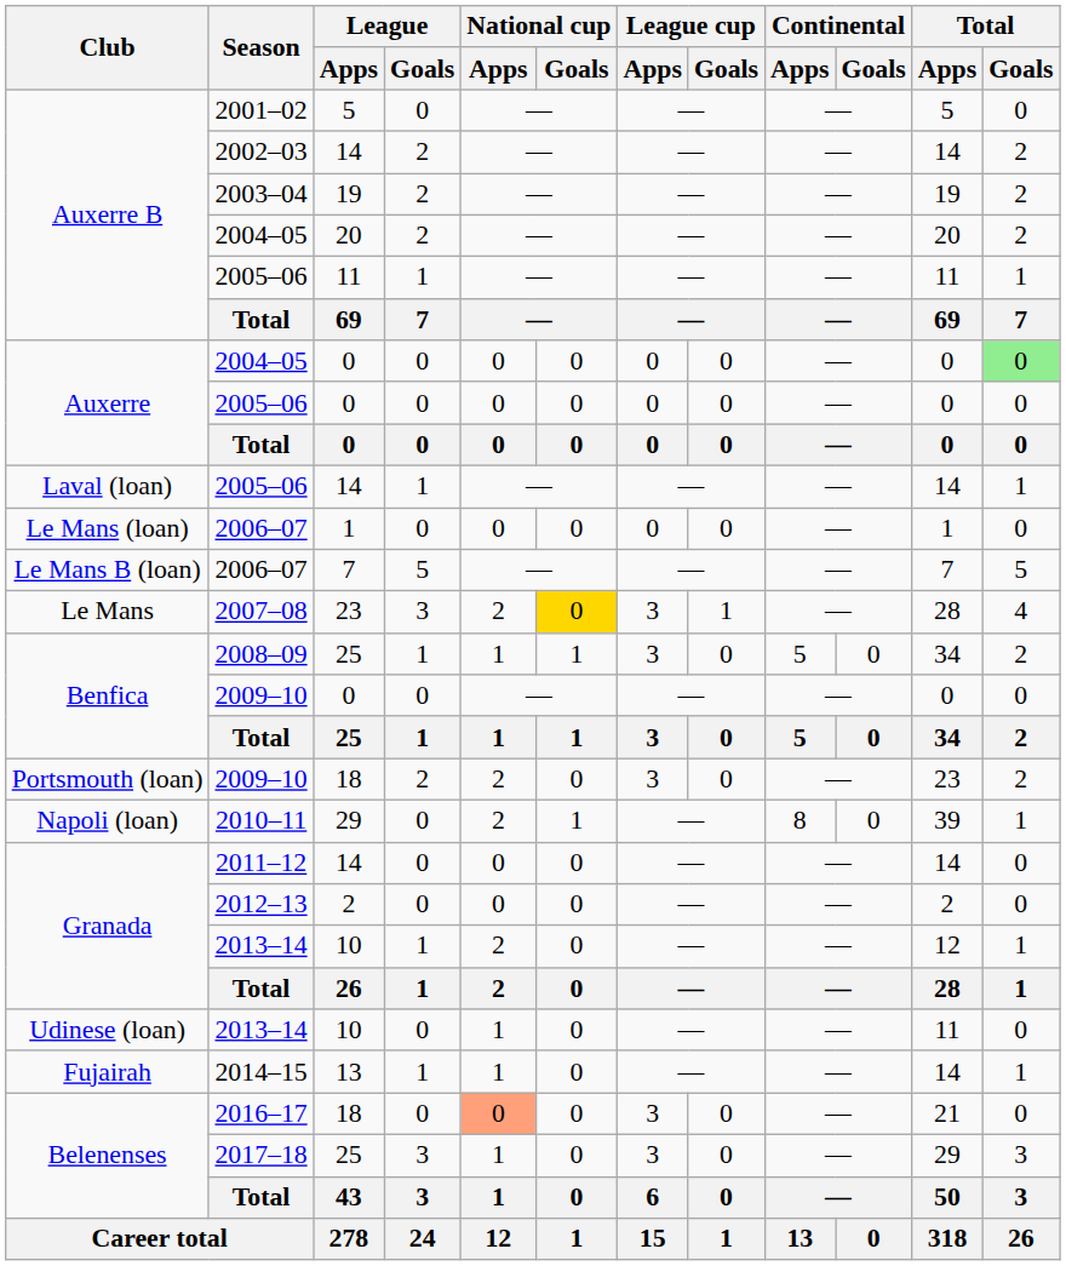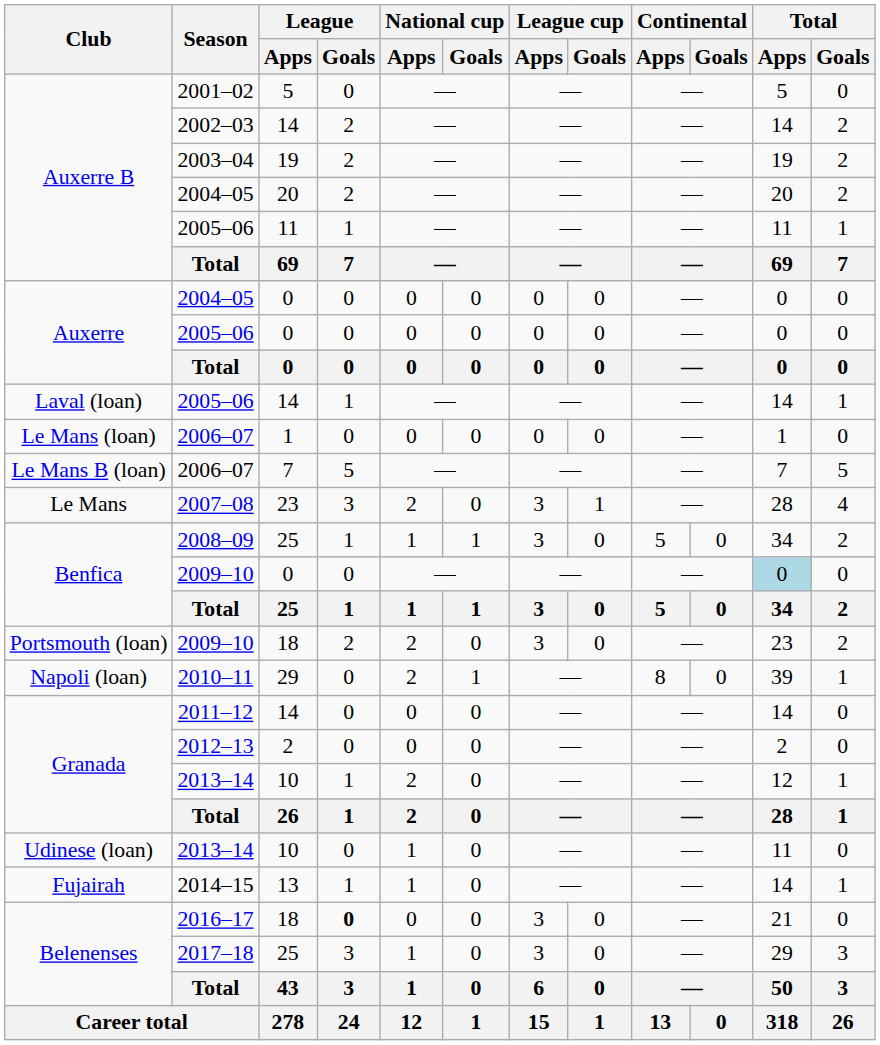 <table class="wikitable" style="text-align:center">
 <tr>
 <th rowspan="2">Club</th>
 <th rowspan="2">Season</th>
 <th colspan="2">League</th>
 <th colspan="2">National cup</th>
 <th colspan="2">League cup</th>
 <th colspan="2">Continental</th>
 <th colspan="2">Total</th>
 </tr>
 <tr>
 <th>Apps</th>
 <th>Goals</th>
 <th>Apps</th>
 <th>Goals</th>
 <th>Apps</th>
 <th>Goals</th>
 <th>Apps</th>
 <th>Goals</th>
 <th>Apps</th>
 <th>Goals</th>
 </tr>
 <tr>
 <td rowspan="6"><a href='#'>Auxerre B</a></td>
 <td>2001–02</td>
 <td>5</td>
 <td>0</td>
 <td colspan="2">—</td>
 <td colspan="2">—</td>
 <td colspan="2">—</td>
 <td>5</td>
 <td>0</td>
 </tr>
 <tr>
 <td>2002–03</td>
 <td>14</td>
 <td>2</td>
 <td colspan="2">—</td>
 <td colspan="2">—</td>
 <td colspan="2">—</td>
 <td>14</td>
 <td>2</td>
 </tr>
 <tr>
 <td>2003–04</td>
 <td>19</td>
 <td>2</td>
 <td colspan="2">—</td>
 <td colspan="2">—</td>
 <td colspan="2">—</td>
 <td>19</td>
 <td>2</td>
 </tr>
 <tr>
 <td>2004–05</td>
 <td>20</td>
 <td>2</td>
 <td colspan="2">—</td>
 <td colspan="2">—</td>
 <td colspan="2">—</td>
 <td>20</td>
 <td>2</td>
 </tr>
 <tr>
 <td>2005–06</td>
 <td>11</td>
 <td>1</td>
 <td colspan="2">—</td>
 <td colspan="2">—</td>
 <td colspan="2">—</td>
 <td>11</td>
 <td>1</td>
 </tr>
 <tr>
 <th>Total</th>
 <th>69</th>
 <th>7</th>
 <th colspan="2">—</th>
 <th colspan="2">—</th>
 <th colspan="2">—</th>
 <th>69</th>
 <th>7</th>
 </tr>
 <tr>
 <td rowspan="3"><a href='#'>Auxerre</a></td>
 <td><a href='#'>2004–05</a></td>
 <td>0</td>
 <td>0</td>
 <td>0</td>
 <td>0</td>
 <td>0</td>
 <td>0</td>
 <td colspan="2">—</td>
 <td>0</td>
-<td style="background: lightgreen;">0</td>
+<td>0</td>
 </tr>
 <tr>
 <td><a href='#'>2005–06</a></td>
 <td>0</td>
 <td>0</td>
 <td>0</td>
 <td>0</td>
 <td>0</td>
 <td>0</td>
 <td colspan="2">—</td>
 <td>0</td>
 <td>0</td>
 </tr>
 <tr>
 <th>Total</th>
 <th>0</th>
 <th>0</th>
 <th>0</th>
 <th>0</th>
 <th>0</th>
 <th>0</th>
 <th colspan="2">—</th>
 <th>0</th>
 <th>0</th>
 </tr>
 <tr>
 <td><a href='#'>Laval</a> (loan)</td>
 <td><a href='#'>2005–06</a></td>
 <td>14</td>
 <td>1</td>
 <td colspan="2">—</td>
 <td colspan="2">—</td>
 <td colspan="2">—</td>
 <td>14</td>
 <td>1</td>
 </tr>
 <tr>
 <td><a href='#'>Le Mans</a> (loan)</td>
 <td><a href='#'>2006–07</a></td>
 <td>1</td>
 <td>0</td>
 <td>0</td>
 <td>0</td>
 <td>0</td>
 <td>0</td>
 <td colspan="2">—</td>
 <td>1</td>
 <td>0</td>
 </tr>
 <tr>
 <td><a href='#'>Le Mans B</a> (loan)</td>
 <td>2006–07</td>
 <td>7</td>
 <td>5</td>
 <td colspan="2">—</td>
 <td colspan="2">—</td>
 <td colspan="2">—</td>
 <td>7</td>
 <td>5</td>
 </tr>
 <tr>
 <td>Le Mans</td>
 <td><a href='#'>2007–08</a></td>
 <td>23</td>
 <td>3</td>
 <td>2</td>
-<td style="background: gold;">0</td>
+<td>0</td>
 <td>3</td>
 <td>1</td>
 <td colspan="2">—</td>
 <td>28</td>
 <td>4</td>
 </tr>
 <tr>
 <td rowspan="3"><a href='#'>Benfica</a></td>
 <td><a href='#'>2008–09</a></td>
 <td>25</td>
 <td>1</td>
 <td>1</td>
 <td>1</td>
 <td>3</td>
 <td>0</td>
 <td>5</td>
 <td>0</td>
 <td>34</td>
 <td>2</td>
 </tr>
 <tr>
 <td><a href='#'>2009–10</a></td>
 <td>0</td>
 <td>0</td>
 <td colspan="2">—</td>
 <td colspan="2">—</td>
 <td colspan="2">—</td>
-<td>0</td>
+<td style="background: lightblue;">0</td>
 <td>0</td>
 </tr>
 <tr>
 <th>Total</th>
 <th>25</th>
 <th>1</th>
 <th>1</th>
 <th>1</th>
 <th>3</th>
 <th>0</th>
 <th>5</th>
 <th>0</th>
 <th>34</th>
 <th>2</th>
 </tr>
 <tr>
 <td><a href='#'>Portsmouth</a> (loan)</td>
 <td><a href='#'>2009–10</a></td>
 <td>18</td>
 <td>2</td>
 <td>2</td>
 <td>0</td>
 <td>3</td>
 <td>0</td>
 <td colspan="2">—</td>
 <td>23</td>
 <td>2</td>
 </tr>
 <tr>
 <td><a href='#'>Napoli</a> (loan)</td>
 <td><a href='#'>2010–11</a></td>
 <td>29</td>
 <td>0</td>
 <td>2</td>
 <td>1</td>
 <td colspan="2">—</td>
 <td>8</td>
 <td>0</td>
 <td>39</td>
 <td>1</td>
 </tr>
 <tr>
 <td rowspan="4"><a href='#'>Granada</a></td>
 <td><a href='#'>2011–12</a></td>
 <td>14</td>
 <td>0</td>
 <td>0</td>
 <td>0</td>
 <td colspan="2">—</td>
 <td colspan="2">—</td>
 <td>14</td>
 <td>0</td>
 </tr>
 <tr>
 <td><a href='#'>2012–13</a></td>
 <td>2</td>
 <td>0</td>
 <td>0</td>
 <td>0</td>
 <td colspan="2">—</td>
 <td colspan="2">—</td>
 <td>2</td>
 <td>0</td>
 </tr>
 <tr>
 <td><a href='#'>2013–14</a></td>
 <td>10</td>
 <td>1</td>
 <td>2</td>
 <td>0</td>
 <td colspan="2">—</td>
 <td colspan="2">—</td>
 <td>12</td>
 <td>1</td>
 </tr>
 <tr>
 <th>Total</th>
 <th>26</th>
 <th>1</th>
 <th>2</th>
 <th>0</th>
 <th colspan="2">—</th>
 <th colspan="2">—</th>
 <th>28</th>
 <th>1</th>
 </tr>
 <tr>
 <td><a href='#'>Udinese</a> (loan)</td>
 <td><a href='#'>2013–14</a></td>
 <td>10</td>
 <td>0</td>
 <td>1</td>
 <td>0</td>
 <td colspan="2">—</td>
 <td colspan="2">—</td>
 <td>11</td>
 <td>0</td>
 </tr>
 <tr>
 <td><a href='#'>Fujairah</a></td>
 <td>2014–15</td>
 <td>13</td>
 <td>1</td>
 <td>1</td>
 <td>0</td>
 <td colspan="2">—</td>
 <td colspan="2">—</td>
 <td>14</td>
 <td>1</td>
 </tr>
 <tr>
 <td rowspan="3"><a href='#'>Belenenses</a></td>
 <td><a href='#'>2016–17</a></td>
 <td>18</td>
+<td><strong>0</strong></td>
 <td>0</td>
-<td style="background: lightsalmon;">0</td>
 <td>0</td>
 <td>3</td>
 <td>0</td>
 <td colspan="2">—</td>
 <td>21</td>
 <td>0</td>
 </tr>
 <tr>
 <td><a href='#'>2017–18</a></td>
 <td>25</td>
 <td>3</td>
 <td>1</td>
 <td>0</td>
 <td>3</td>
 <td>0</td>
 <td colspan="2">—</td>
 <td>29</td>
 <td>3</td>
 </tr>
 <tr>
 <th>Total</th>
 <th>43</th>
 <th>3</th>
 <th>1</th>
 <th>0</th>
 <th>6</th>
 <th>0</th>
 <th colspan="2">—</th>
 <th>50</th>
 <th>3</th>
 </tr>
 <tr>
 <th colspan="2">Career total</th>
 <th>278</th>
 <th>24</th>
 <th>12</th>
 <th>1</th>
 <th>15</th>
 <th>1</th>
 <th>13</th>
 <th>0</th>
 <th>318</th>
 <th>26</th>
 </tr>
 </table>
